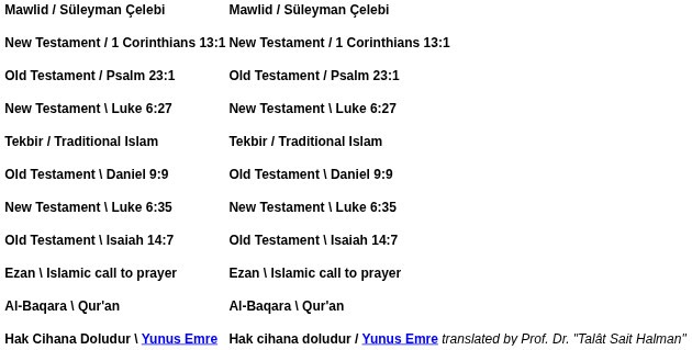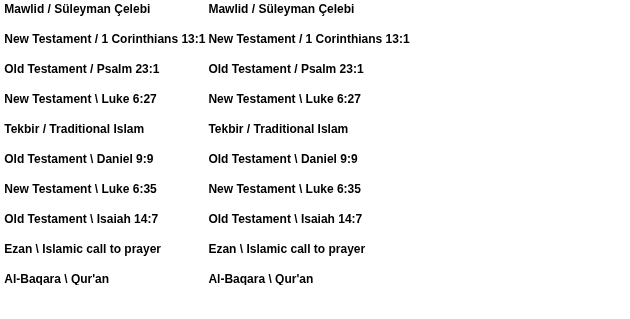 <table>
 <tr>
 <td><br></td>
 <td><br></td>
 </tr>
 <tr>
 <td><br><strong>Mawlid / Süleyman Çelebi</strong></td>
 <td><br><strong>Mawlid / Süleyman Çelebi</strong></td>
 </tr>
 <tr>
 <td><br><strong>New Testament / 1 Corinthians 13:1</strong></td>
 <td><br><strong>New Testament / 1 Corinthians 13:1</strong></td>
 </tr>
 <tr>
 <td><br><strong>Old Testament / Psalm 23:1</strong></td>
 <td><br><strong>Old Testament / Psalm 23:1</strong></td>
 </tr>
 <tr>
 <td><br><strong>New Testament \ Luke 6:27</strong></td>
 <td><br><strong>New Testament \ Luke 6:27</strong></td>
 </tr>
 <tr>
 <td><br><strong>Tekbir / Traditional Islam</strong></td>
 <td><br><strong>Tekbir / Traditional Islam</strong></td>
 </tr>
 <tr>
 <td><br><strong>Old Testament \ Daniel 9:9</strong></td>
 <td><br><strong>Old Testament \ Daniel 9:9</strong></td>
 </tr>
 <tr>
 <td><br><strong>New Testament \ Luke 6:35</strong></td>
 <td><br><strong>New Testament \ Luke 6:35</strong></td>
 </tr>
 <tr>
 <td><br><strong>Old Testament \ Isaiah 14:7</strong></td>
 <td><br><strong>Old Testament \ Isaiah 14:7</strong></td>
 </tr>
 <tr>
 <td><br><strong>Ezan \ Islamic call to prayer </strong></td>
 <td><br><strong>Ezan \ Islamic call to prayer </strong></td>
 </tr>
 <tr>
 <td><br><strong>Al-Baqara \ Qur'an</strong></td>
 <td><br><strong>Al-Baqara \ Qur'an</strong></td>
 </tr>
-<tr>
-<td><br><strong>Hak Cihana Doludur \ <a href='#'>Yunus Emre</a></strong></td>
-<td><br><strong>Hak cihana doludur / <a href='#'>Yunus Emre</a></strong> <em>translated by Prof. Dr. "Talât Sait Halman"</em></td>
-</tr>
 </table>
